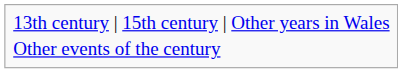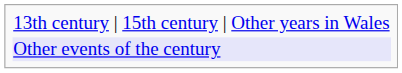 <table class="infobox" id="toc">
 <tr>
 <td align="left"><a href='#'>13th century</a> | <a href='#'>15th century</a> | <a href='#'>Other years in Wales</a></td>
 </tr>
 <tr>
-<td><a href='#'>Other events of the century</a></td>
+<td style="background: lavender;"><a href='#'>Other events of the century</a></td>
 </tr>
 </table>
